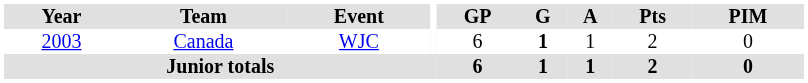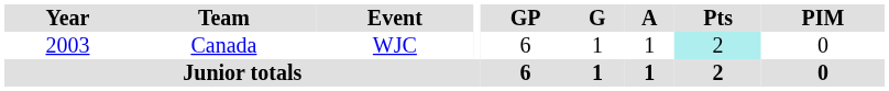 <table border="0" cellpadding="1" cellspacing="0" ID="Table3" style="text-align:center; width:40em">
 <tr bgcolor="#e0e0e0">
 <th>Year</th>
 <th>Team</th>
 <th>Event</th>
 <th rowspan="102" bgcolor="#ffffff"></th>
 <th>GP</th>
 <th>G</th>
 <th>A</th>
 <th>Pts</th>
 <th>PIM</th>
 </tr>
 <tr>
 <td><a href='#'>2003</a></td>
 <td><a href='#'>Canada</a></td>
 <td><a href='#'>WJC</a></td>
 <td>6</td>
-<td><strong>1</strong></td>
 <td>1</td>
-<td>2</td>
+<td>1</td>
+<td style="background: paleturquoise;">2</td>
 <td>0</td>
 </tr>
 <tr bgcolor="#e0e0e0">
 <th colspan=4>Junior totals</th>
 <th>6</th>
 <th>1</th>
 <th>1</th>
 <th>2</th>
 <th>0</th>
 </tr>
 </table>
